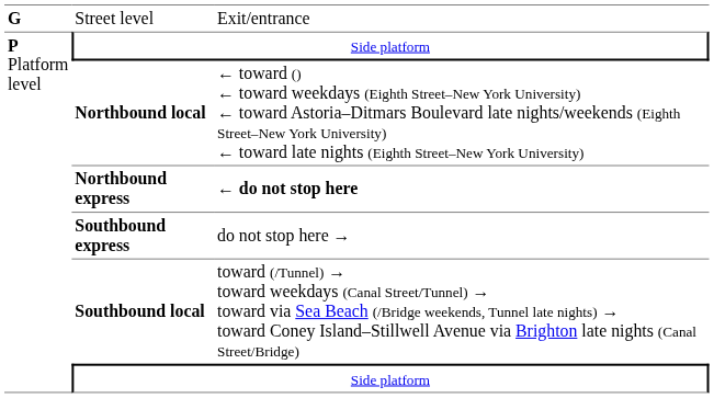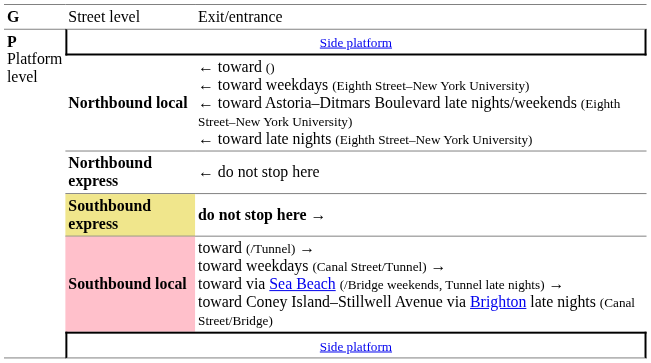 <table table border=0 cellspacing=0 cellpadding=3>
 <tr>
 <td style="border-top:solid 1px gray;" width=50><strong>G</strong></td>
 <td style="border-top:solid 1px gray;" width=125>Street level</td>
 <td style="border-top:solid 1px gray;" width=450>Exit/entrance</td>
 </tr>
 <tr>
 <td style="border-top:solid 1px gray;border-bottom:solid 1px gray;vertical-align:top;" rowspan=6><strong>P</strong><br>Platform level</td>
 <td style="border-top:solid 1px gray;border-right:solid 2px black;border-left:solid 2px black;border-bottom:solid 2px black;text-align:center;" colspan=2><small><a href='#'>Side platform</a></small></td>
 </tr>
 <tr>
 <td style="border-bottom:solid 1px gray;"><span><strong>Northbound local</strong></span></td>
 <td style="border-bottom:solid 1px gray;">←  toward  <small>()</small><br>←  toward  weekdays <small>(Eighth Street–New York University)</small><br>←  toward Astoria–Ditmars Boulevard late nights/weekends <small>(Eighth Street–New York University)</small><br>←  toward  late nights <small>(Eighth Street–New York University)</small></td>
 </tr>
 <tr>
 <td style="border-bottom:solid 1px gray;"><span><strong>Northbound express</strong></span></td>
-<td style="border-bottom:solid 1px gray;"><strong>←  do not stop here</strong></td>
+<td style="border-bottom:solid 1px gray;">←  do not stop here</td>
 </tr>
 <tr>
-<td style="border-bottom:solid 1px gray;"><span><strong>Southbound express</strong></span></td>
-<td style="border-bottom:solid 1px gray;">  do not stop here →</td>
+<td style="background: khaki; border-bottom:solid 1px gray;"><span><strong>Southbound express</strong></span></td>
+<td style="border-bottom:solid 1px gray;"><strong>  do not stop here →</strong></td>
 </tr>
 <tr>
-<td><span><strong>Southbound local</strong></span></td>
+<td style="background: pink;"><span><strong>Southbound local</strong></span></td>
 <td>  toward  <small>(/Tunnel)</small> →<br>  toward  weekdays <small>(Canal Street/Tunnel)</small> →<br>  toward  via <a href='#'>Sea Beach</a> <small>(/Bridge weekends, Tunnel late nights)</small> →<br>  toward Coney Island–Stillwell Avenue via <a href='#'>Brighton</a> late nights <small>(Canal Street/Bridge)</small></td>
 </tr>
 <tr>
 <td style="border-bottom:solid 1px gray;border-top:solid 2px black;border-right:solid 2px black;border-left:solid 2px black;text-align:center;" colspan=2><small><a href='#'>Side platform</a></small></td>
 </tr>
 </table>
